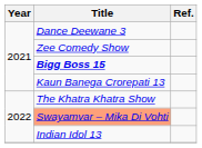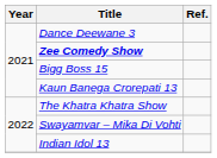 <table class="wikitable">
 <tr>
 <th>Year</th>
 <th>Title</th>
 <th>Ref.</th>
 </tr>
 <tr>
 <td rowspan="4">2021</td>
 <td><em> <a href='#'>Dance Deewane 3</a></em></td>
 <td></td>
 </tr>
 <tr>
-<td><em><a href='#'>Zee Comedy Show</a></em></td>
+<td><strong><em><a href='#'>Zee Comedy Show</a></em></strong></td>
 <td></td>
 </tr>
 <tr>
-<td><strong><em><a href='#'>Bigg Boss 15</a></em></strong></td>
+<td><em><a href='#'>Bigg Boss 15</a></em></td>
 <td></td>
 </tr>
 <tr>
 <td><em> <a href='#'>Kaun Banega Crorepati 13</a></em></td>
 <td></td>
 </tr>
 <tr>
 <td rowspan="3">2022</td>
 <td><em><a href='#'>The Khatra Khatra Show</a></em></td>
 <td></td>
 </tr>
 <tr>
-<td style="background: lightsalmon;"><em><a href='#'>Swayamvar – Mika Di Vohti</a></em></td>
+<td><em><a href='#'>Swayamvar – Mika Di Vohti</a></em></td>
 <td></td>
 </tr>
 <tr>
 <td><em><a href='#'>Indian Idol 13</a></em></td>
 <td></td>
 </tr>
 <tr>
 </tr>
 </table>
